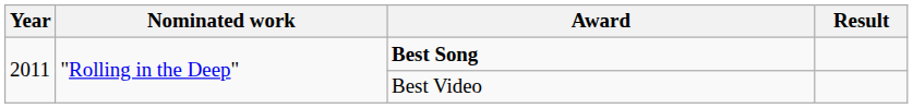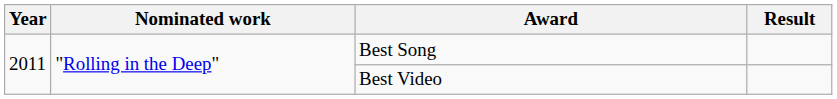 <table class="wikitable">
 <tr>
 <th>Year</th>
 <th width="250">Nominated work</th>
 <th width="325">Award</th>
 <th width="65">Result</th>
 </tr>
 <tr>
 <td rowspan="2">2011</td>
 <td rowspan="2">"<a href='#'>Rolling in the Deep</a>"</td>
-<td><strong>Best Song</strong></td>
+<td>Best Song</td>
 <td></td>
 </tr>
 <tr>
 <td>Best Video</td>
 <td></td>
 </tr>
 </table>
